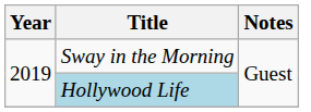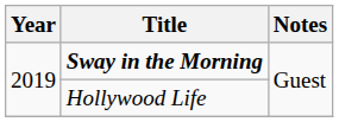 <table class="wikitable" style="font-size: 95%;">
 <tr>
 <th>Year</th>
 <th>Title</th>
 <th>Notes</th>
 </tr>
 <tr>
 <td rowspan="2">2019</td>
-<td><em>Sway in the Morning</em></td>
+<td><strong><em>Sway in the Morning</em></strong></td>
 <td rowspan="2">Guest</td>
 </tr>
 <tr>
-<td style="background: lightblue;"><em>Hollywood Life</em></td>
+<td><em>Hollywood Life</em></td>
 </tr>
 <tr>
 </tr>
 </table>
